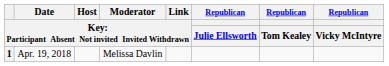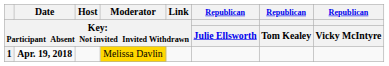 <table class="wikitable" style="text-align:center;">
 <tr>
 <th scope="col"></th>
 <th scope="col">Date</th>
 <th scope="col">Host</th>
 <th scope="col">Moderator</th>
 <th scope="col">Link</th>
 <th scope="col"><small><a href='#'>Republican</a></small></th>
 <th scope="col"><small><a href='#'>Republican</a></small></th>
 <th scope="col"><small><a href='#'>Republican</a></small></th>
 </tr>
 <tr>
 <th colspan="5" rowspan="2">Key:<br> <small>Participant </small>  <small>Absent </small>  <small>Not invited </small>  <small>Invited  Withdrawn</small></th>
 <th scope="col" style="background:"></th>
 <th scope="col" style="background:"></th>
 <th scope="col" style="background:"></th>
 </tr>
 <tr>
 <th scope="col"><a href='#'>Julie Ellsworth</a></th>
 <th scope="col">Tom Kealey</th>
 <th scope="col">Vicky McIntyre</th>
 </tr>
 <tr>
 <th>1</th>
-<td style="white-space:nowrap;">Apr. 19, 2018</td>
+<td style="white-space:nowrap;"><strong>Apr. 19, 2018</strong></td>
 <td style="white-space:nowrap;"></td>
-<td style="white-space:nowrap;">Melissa Davlin</td>
+<td style="background: gold; white-space:nowrap;">Melissa Davlin</td>
 <td style="white-space:nowrap;"></td>
 <td></td>
 <td></td>
 <td></td>
 </tr>
 </table>
